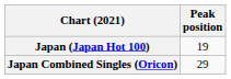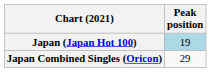 <table class="wikitable sortable plainrowheaders" style="text-align:center">
 <tr>
 <th scope="col">Chart (2021)</th>
 <th scope="col">Peak<br>position</th>
 </tr>
 <tr>
 <th scope="row">Japan (<a href='#'>Japan Hot 100</a>)</th>
-<td>19</td>
+<td style="background: lightblue;">19</td>
 </tr>
 <tr>
 <th scope="row">Japan Combined Singles (<a href='#'>Oricon</a>)</th>
 <td>29</td>
 </tr>
 </table>
